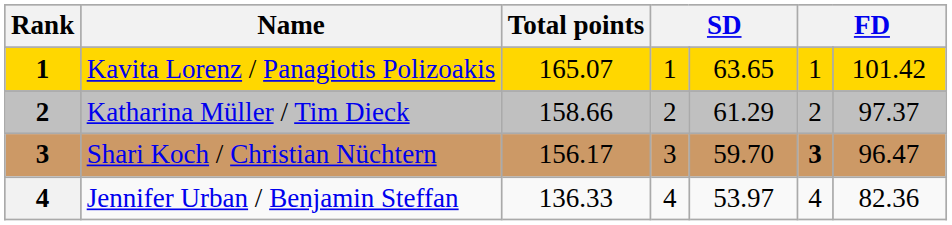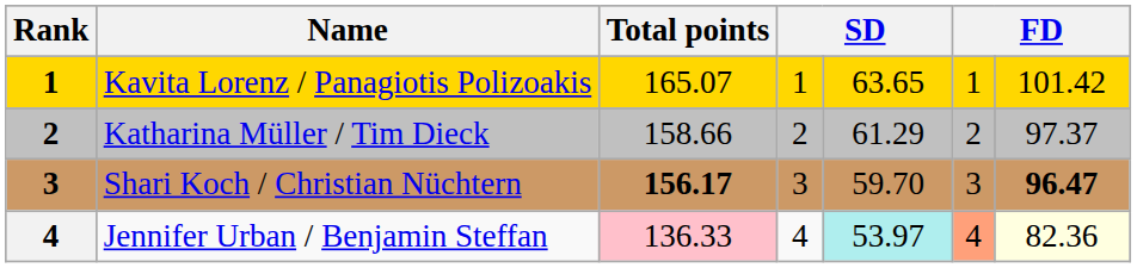 <table class="wikitable sortable">
 <tr>
 <th>Rank</th>
 <th>Name</th>
 <th>Total points</th>
 <th colspan="2" width="80px"><a href='#'>SD</a></th>
 <th colspan="2" width="80px"><a href='#'>FD</a></th>
 </tr>
 <tr bgcolor="gold">
 <td align="center"><strong>1</strong></td>
 <td><a href='#'>Kavita Lorenz</a> / <a href='#'>Panagiotis Polizoakis</a></td>
 <td align="center">165.07</td>
 <td align="center">1</td>
 <td align="center">63.65</td>
 <td align="center">1</td>
 <td align="center">101.42</td>
 </tr>
 <tr bgcolor="silver">
 <td align="center"><strong>2</strong></td>
 <td><a href='#'>Katharina Müller</a> / <a href='#'>Tim Dieck</a></td>
 <td align="center">158.66</td>
 <td align="center">2</td>
 <td align="center">61.29</td>
 <td align="center">2</td>
 <td align="center">97.37</td>
 </tr>
 <tr bgcolor="cc9966">
 <td align="center"><strong>3</strong></td>
 <td><a href='#'>Shari Koch</a> / <a href='#'>Christian Nüchtern</a></td>
-<td align="center">156.17</td>
+<td align="center"><strong>156.17</strong></td>
 <td align="center">3</td>
 <td align="center">59.70</td>
-<td align="center"><strong>3</strong></td>
-<td align="center">96.47</td>
+<td align="center">3</td>
+<td align="center"><strong>96.47</strong></td>
 </tr>
 <tr>
 <th>4</th>
 <td><a href='#'>Jennifer Urban</a> / <a href='#'>Benjamin Steffan</a></td>
-<td align="center">136.33</td>
+<td align="center" style="background: pink;">136.33</td>
 <td align="center">4</td>
-<td align="center">53.97</td>
-<td align="center">4</td>
-<td align="center">82.36</td>
+<td align="center" style="background: paleturquoise;">53.97</td>
+<td align="center" style="background: lightsalmon;">4</td>
+<td align="center" style="background: lightyellow;">82.36</td>
 </tr>
 </table>
